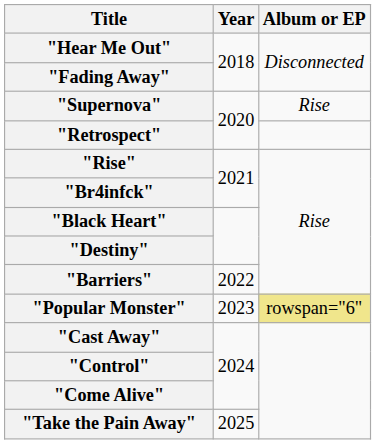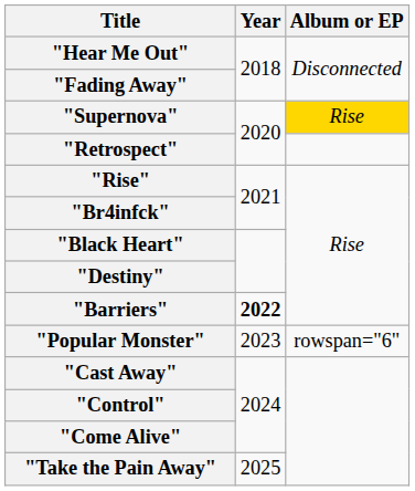 <table class="wikitable plainrowheaders" style="text-align:center;">
 <tr>
 <th scope="col" style="width:11em;">Title</th>
 <th scope="col">Year</th>
 <th scope="col">Album or EP</th>
 </tr>
 <tr>
 <th scope="row">"Hear Me Out"</th>
 <td rowspan="2">2018</td>
 <td rowspan="2"><em>Disconnected</em></td>
 </tr>
 <tr>
 <th scope="row">"Fading Away"</th>
 </tr>
 <tr>
 <th scope="row">"Supernova"</th>
 <td rowspan="2">2020</td>
-<td><em>Rise</em></td>
+<td style="background: gold;"><em>Rise</em></td>
 </tr>
 <tr>
 <th scope="row">"Retrospect"</th>
 <td></td>
 </tr>
 <tr>
 <th scope="row">"Rise"</th>
 <td rowspan="2">2021</td>
 <td rowspan="5"><em>Rise</em></td>
 </tr>
 <tr>
 <th scope="row">"Br4infck"</th>
 </tr>
 <tr>
 <th scope="row">"Black Heart"</th>
 </tr>
 <tr>
 <th scope="row">"Destiny"</th>
 </tr>
 <tr>
 <th scope="row">"Barriers"</th>
-<td>2022</td>
+<td><strong>2022</strong></td>
 </tr>
 <tr>
 <th scope="row">"Popular Monster"<br></th>
 <td>2023</td>
-<td style="background: khaki;">rowspan="6" </td>
+<td>rowspan="6" </td>
 </tr>
 <tr>
 <th scope="row">"Cast Away"</th>
 <td rowspan="3">2024</td>
 </tr>
 <tr>
 <th scope="row">"Control"</th>
 </tr>
 <tr>
 <th scope="row">"Come Alive"</th>
 </tr>
 <tr>
 <th scope="row">"Take the Pain Away"</th>
 <td>2025</td>
 </tr>
 </table>
